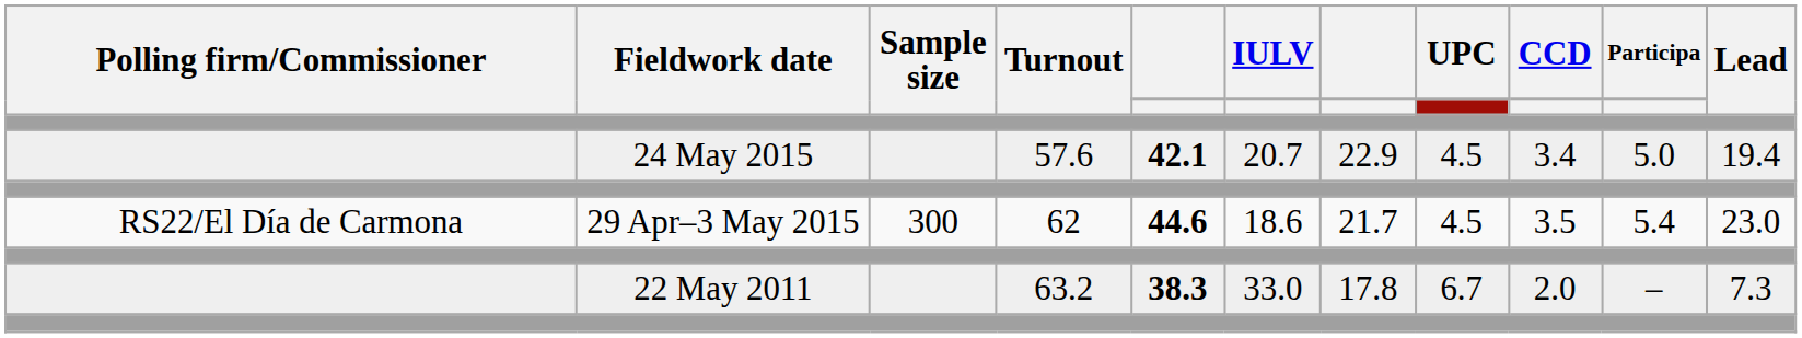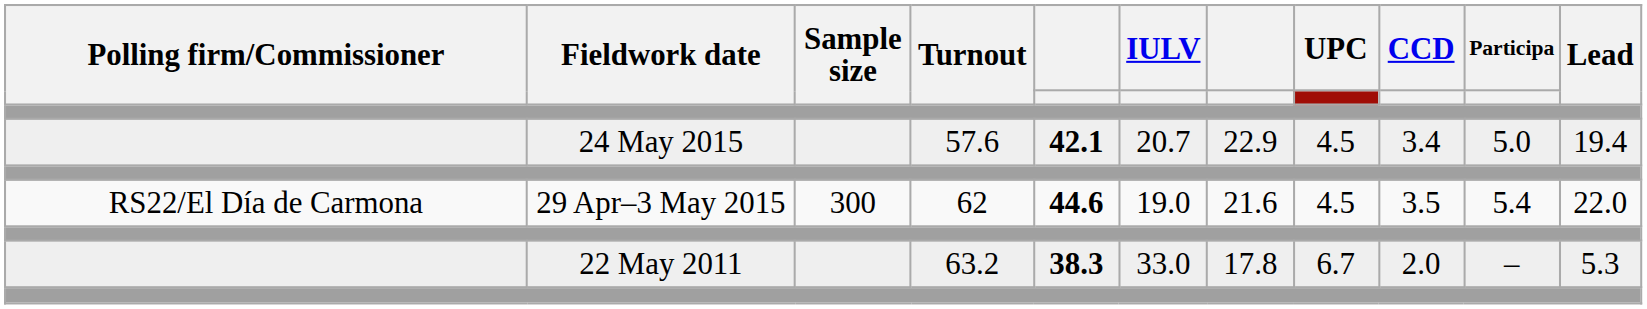 <table class="wikitable collapsible collapsed" style="text-align:center; font-size:95%; line-height:16px;">
 <tr style="height:42px;">
 <th style="width:250px;" rowspan="2">Polling firm/Commissioner</th>
 <th style="width:125px;" rowspan="2">Fieldwork date</th>
 <th style="width:50px;" rowspan="2">Sample size</th>
 <th style="width:45px;" rowspan="2">Turnout</th>
 <th style="width:35px;"></th>
 <th style="width:35px;"><a href='#'>IULV</a></th>
 <th style="width:35px;"></th>
 <th style="width:35px;">UPC</th>
 <th style="width:35px;"><a href='#'>CCD</a></th>
 <th style="width:35px; font-size:70%;">Participa</th>
 <th style="width:30px;" rowspan="2">Lead</th>
 </tr>
 <tr>
 <th style="color:inherit;background:"></th>
 <th style="color:inherit;background:"></th>
 <th style="color:inherit;background:"></th>
 <th style="color:inherit;background:#A00D06;"></th>
 <th style="color:inherit;background:"></th>
 <th style="color:inherit;background:"></th>
 </tr>
 <tr>
 <td colspan="11" style="background:#A0A0A0"></td>
 </tr>
 <tr style="background:#EFEFEF;">
 <td><strong></strong></td>
 <td>24 May 2015</td>
 <td></td>
 <td>57.6</td>
 <td><strong>42.1</strong><br></td>
 <td>20.7<br></td>
 <td>22.9<br></td>
 <td>4.5<br></td>
 <td>3.4<br></td>
 <td>5.0<br></td>
 <td style="background:">19.4</td>
 </tr>
 <tr>
 <td colspan="11" style="background:#A0A0A0"></td>
 </tr>
 <tr>
 <td>RS22/El Día de Carmona</td>
 <td>29 Apr–3 May 2015</td>
 <td>300</td>
 <td>62</td>
 <td><strong>44.6</strong><br></td>
-<td>18.6<br></td>
-<td>21.7<br></td>
+<td>19.0<br></td>
+<td>21.6<br></td>
 <td>4.5<br></td>
 <td>3.5<br></td>
 <td>5.4<br></td>
-<td style="background:">23.0</td>
+<td style="background:">22.0</td>
 </tr>
 <tr>
 <td colspan="11" style="background:#A0A0A0"></td>
 </tr>
 <tr style="background:#EFEFEF;">
 <td><strong></strong></td>
 <td>22 May 2011</td>
 <td></td>
 <td>63.2</td>
 <td><strong>38.3</strong><br></td>
 <td>33.0<br></td>
 <td>17.8<br></td>
 <td>6.7<br></td>
 <td>2.0<br></td>
 <td>–</td>
-<td style="background:">7.3</td>
+<td style="background:">5.3</td>
 </tr>
 <tr>
 <td colspan="11" style="background:#A0A0A0"></td>
 </tr>
 </table>
